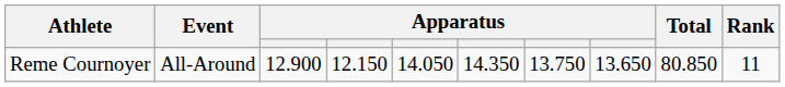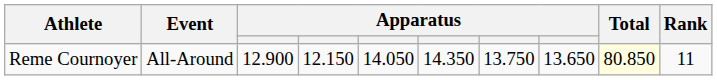 <table class="wikitable" style="font-size:90%">
 <tr>
 <th rowspan=2>Athlete</th>
 <th rowspan=2>Event</th>
 <th colspan=6>Apparatus</th>
 <th rowspan=2>Total</th>
 <th rowspan=2>Rank</th>
 </tr>
 <tr style="font-size:95%">
 <th></th>
 <th></th>
 <th></th>
 <th></th>
 <th></th>
 <th></th>
 </tr>
 <tr align=center>
 <td align=left>Reme Cournoyer</td>
 <td align=left>All-Around</td>
 <td>12.900</td>
 <td>12.150</td>
 <td>14.050</td>
 <td>14.350</td>
 <td>13.750</td>
 <td>13.650</td>
-<td>80.850</td>
+<td style="background: lightyellow;">80.850</td>
 <td>11</td>
 </tr>
 </table>
